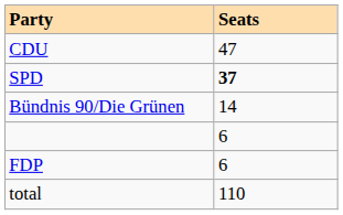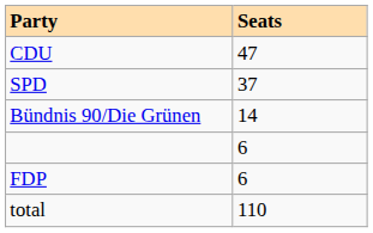 <table class="wikitable">
 <tr>
 <th style="background:#ffdead; width:175px; text-align:left;">Party</th>
 <th style="background:#ffdead; width:100px; text-align:left;">Seats</th>
 </tr>
 <tr>
 <td><a href='#'>CDU</a></td>
 <td>47</td>
 </tr>
 <tr>
 <td><a href='#'>SPD</a></td>
-<td><strong>37</strong></td>
+<td>37</td>
 </tr>
 <tr>
 <td><a href='#'>Bündnis 90/Die Grünen</a></td>
 <td>14</td>
 </tr>
 <tr>
 <td></td>
 <td>6</td>
 </tr>
 <tr>
 <td><a href='#'>FDP</a></td>
 <td>6</td>
 </tr>
 <tr>
 <td>total</td>
 <td>110</td>
 </tr>
 </table>
